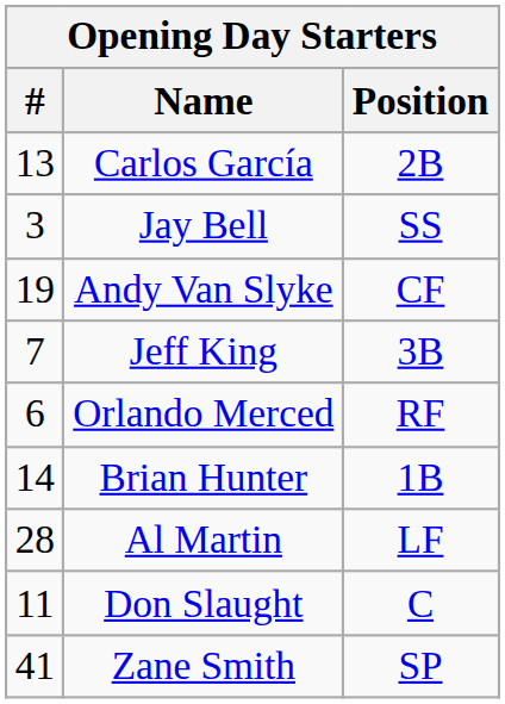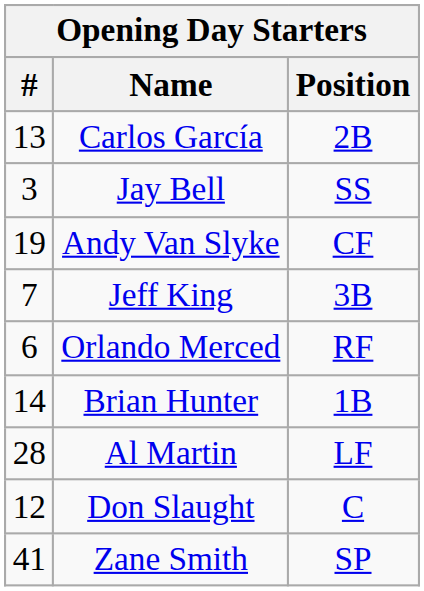 <table class="wikitable" style="text-align:center">
 <tr>
 <th colspan="3">Opening Day Starters</th>
 </tr>
 <tr>
 <th>#</th>
 <th>Name</th>
 <th>Position</th>
 </tr>
 <tr>
 <td>13</td>
 <td><a href='#'>Carlos García</a></td>
 <td><a href='#'>2B</a></td>
 </tr>
 <tr>
 <td>3</td>
 <td><a href='#'>Jay Bell</a></td>
 <td><a href='#'>SS</a></td>
 </tr>
 <tr>
 <td>19</td>
 <td><a href='#'>Andy Van Slyke</a></td>
 <td><a href='#'>CF</a></td>
 </tr>
 <tr>
 <td>7</td>
 <td><a href='#'>Jeff King</a></td>
 <td><a href='#'>3B</a></td>
 </tr>
 <tr>
 <td>6</td>
 <td><a href='#'>Orlando Merced</a></td>
 <td><a href='#'>RF</a></td>
 </tr>
 <tr>
 <td>14</td>
 <td><a href='#'>Brian Hunter</a></td>
 <td><a href='#'>1B</a></td>
 </tr>
 <tr>
 <td>28</td>
 <td><a href='#'>Al Martin</a></td>
 <td><a href='#'>LF</a></td>
 </tr>
 <tr>
-<td>11</td>
+<td>12</td>
 <td><a href='#'>Don Slaught</a></td>
 <td><a href='#'>C</a></td>
 </tr>
 <tr>
 <td>41</td>
 <td><a href='#'>Zane Smith</a></td>
 <td><a href='#'>SP</a></td>
 </tr>
 </table>
